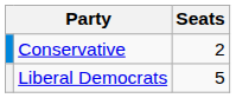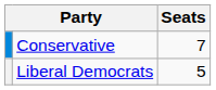 <table class="wikitable">
 <tr>
 <th colspan=2>Party</th>
 <th>Seats</th>
 </tr>
 <tr>
 <th style="background-color: #0087DC"></th>
 <td><a href='#'>Conservative</a></td>
-<td align=right>2</td>
+<td align=right>7</td>
 </tr>
 <tr>
 <th style="background-color: "></th>
 <td><a href='#'>Liberal Democrats</a></td>
 <td align=right>5</td>
 </tr>
 </table>
